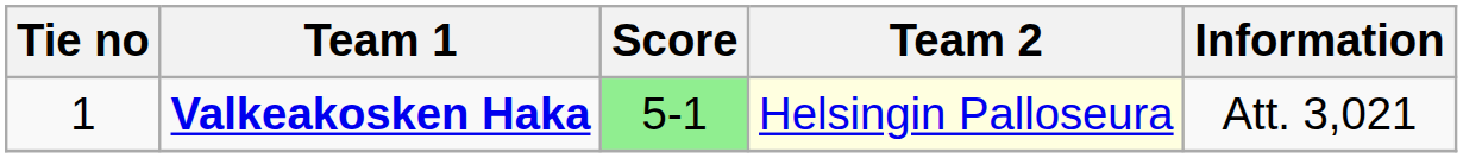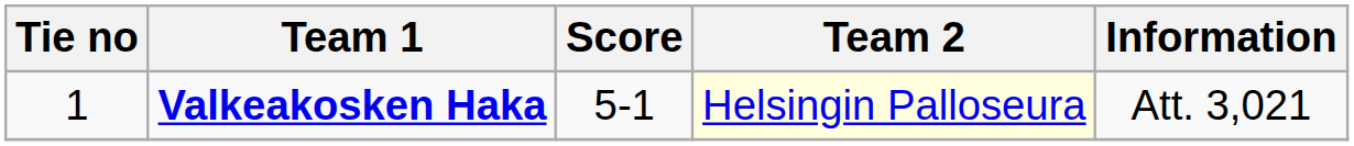 <table class="wikitable" style="text-align:center">
 <tr>
 <th style= width="40px">Tie no</th>
 <th style= width="150px">Team 1</th>
 <th style= width="60px">Score</th>
 <th style= width="150px">Team 2</th>
 <th style= width="30px">Information</th>
 </tr>
 <tr>
 <td>1</td>
 <td><strong><a href='#'>Valkeakosken Haka</a></strong></td>
-<td style="background: lightgreen;">5-1</td>
+<td>5-1</td>
 <td style="background: lightyellow;"><a href='#'>Helsingin Palloseura</a></td>
 <td>Att. 3,021</td>
 </tr>
 <tr>
 </tr>
 </table>
